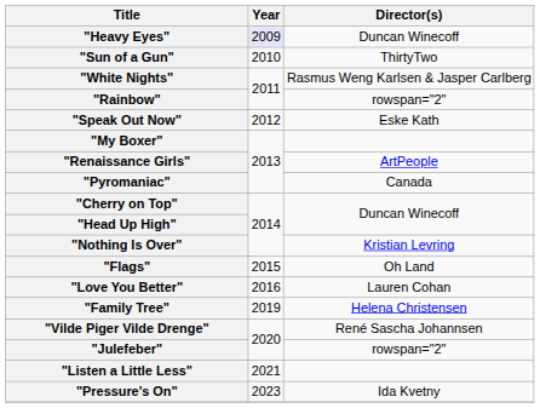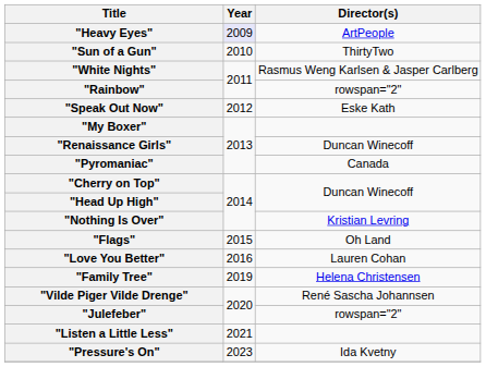 <table class="wikitable plainrowheaders" style="text-align:center;">
 <tr>
 <th scope="col" style="width:18em;">Title</th>
 <th scope="col">Year</th>
 <th scope="col">Director(s)</th>
 </tr>
 <tr>
 <th scope="row">"Heavy Eyes"</th>
 <td style="background: lavender;">2009</td>
-<td>Duncan Winecoff</td>
+<td><a href='#'>ArtPeople</a></td>
 </tr>
 <tr>
 <th scope="row">"Sun of a Gun"</th>
 <td>2010</td>
 <td>ThirtyTwo</td>
 </tr>
 <tr>
 <th scope="row">"White Nights"</th>
 <td rowspan="2">2011</td>
 <td>Rasmus Weng Karlsen & Jasper Carlberg</td>
 </tr>
 <tr>
 <th scope="row">"Rainbow"</th>
 <td>rowspan="2" </td>
 </tr>
 <tr>
 <th scope="row">"Speak Out Now"</th>
 <td>2012</td>
 <td>Eske Kath</td>
 </tr>
 <tr>
 <th scope="row">"My Boxer"</th>
 <td rowspan="3">2013</td>
 </tr>
 <tr>
 <th scope="row">"Renaissance Girls"</th>
-<td><a href='#'>ArtPeople</a></td>
+<td>Duncan Winecoff</td>
 </tr>
 <tr>
 <th scope="row">"Pyromaniac"</th>
 <td>Canada</td>
 </tr>
 <tr>
 <th scope="row">"Cherry on Top"</th>
 <td rowspan="3">2014</td>
 <td rowspan="2">Duncan Winecoff</td>
 </tr>
 <tr>
 <th scope="row">"Head Up High"</th>
 </tr>
 <tr>
 <th scope="row">"Nothing Is Over"</th>
 <td><a href='#'>Kristian Levring</a></td>
 </tr>
 <tr>
 <th scope="row">"Flags"</th>
 <td>2015</td>
 <td>Oh Land</td>
 </tr>
 <tr>
 <th scope="row">"Love You Better"</th>
 <td>2016</td>
 <td>Lauren Cohan</td>
 </tr>
 <tr>
 <th scope="row">"Family Tree"</th>
 <td>2019</td>
 <td><a href='#'>Helena Christensen</a></td>
 </tr>
 <tr>
 <th scope="row">"Vilde Piger Vilde Drenge"</th>
 <td rowspan="2">2020</td>
 <td>René Sascha Johannsen</td>
 </tr>
 <tr>
 <th scope="row">"Julefeber"</th>
 <td>rowspan="2" </td>
 </tr>
 <tr>
 <th scope="row">"Listen a Little Less"</th>
 <td>2021</td>
 </tr>
 <tr>
 <th scope="row">"Pressure's On"</th>
 <td>2023</td>
 <td>Ida Kvetny</td>
 </tr>
 <tr>
 </tr>
 </table>
